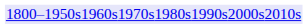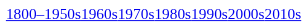 <table id="toc" class="toc" summary="Class">
 <tr>
 <th></th>
 </tr>
 <tr>
-<td style="background: lavender; text-align:center;"><a href='#'>1800–1950s</a><a href='#'>1960s</a><a href='#'>1970s</a><a href='#'>1980s</a><a href='#'>1990s</a><a href='#'>2000s</a><a href='#'>2010s</a></td>
+<td style="text-align:center;"><a href='#'>1800–1950s</a><a href='#'>1960s</a><a href='#'>1970s</a><a href='#'>1980s</a><a href='#'>1990s</a><a href='#'>2000s</a><a href='#'>2010s</a></td>
 </tr>
 </table>
